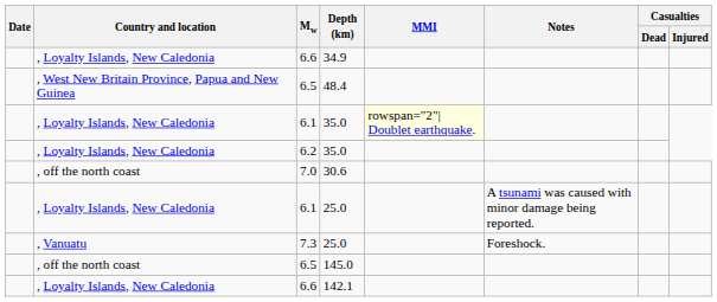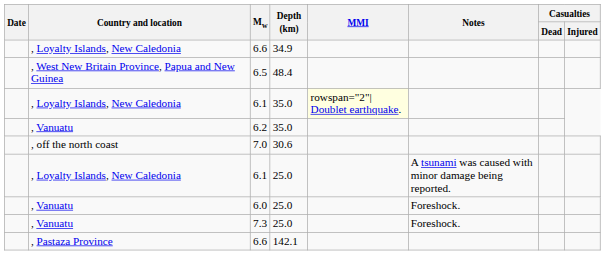 <table class="wikitable sortable sort-under" style="border:1px black; margin-left:1em;">
 <tr>
 <th rowspan="2"><small>Date</small></th>
 <th rowspan="2" style="width: 310px"><small>Country and location</small></th>
 <th rowspan="2"><small>M<sub>w</sub></small></th>
 <th rowspan="2"><small>Depth (km)</small></th>
 <th rowspan="2"><small><a href='#'>MMI</a></small></th>
 <th rowspan="2" class="unsortable"><small>Notes</small></th>
 <th colspan="2"><small>Casualties</small></th>
 </tr>
 <tr>
 <th><small>Dead</small></th>
 <th><small>Injured</small></th>
 </tr>
 <tr>
 <td></td>
 <td>, <a href='#'>Loyalty Islands</a>, <a href='#'>New Caledonia</a></td>
 <td>6.6</td>
 <td>34.9</td>
 <td></td>
 <td></td>
 <td></td>
 <td></td>
 </tr>
 <tr>
 <td></td>
 <td>, <a href='#'>West New Britain Province</a>, <a href='#'>Papua and New Guinea</a></td>
 <td>6.5</td>
 <td>48.4</td>
 <td></td>
 <td></td>
 <td></td>
 <td></td>
 </tr>
 <tr>
 <td></td>
 <td>, <a href='#'>Loyalty Islands</a>, <a href='#'>New Caledonia</a></td>
 <td>6.1</td>
 <td>35.0</td>
 <td style="background: lightyellow;">rowspan="2"| <a href='#'>Doublet earthquake</a>.</td>
 <td></td>
 <td></td>
 </tr>
 <tr>
 <td></td>
-<td>, <a href='#'>Loyalty Islands</a>, <a href='#'>New Caledonia</a></td>
+<td>, <a href='#'>Vanuatu</a></td>
 <td>6.2</td>
 <td>35.0</td>
 <td></td>
 <td></td>
 <td></td>
 </tr>
 <tr>
 <td></td>
 <td>, off the north coast</td>
 <td>7.0</td>
 <td>30.6</td>
 <td></td>
 <td></td>
 <td></td>
 <td></td>
 </tr>
 <tr>
 <td></td>
 <td>, <a href='#'>Loyalty Islands</a>, <a href='#'>New Caledonia</a></td>
 <td>6.1</td>
 <td>25.0</td>
 <td></td>
 <td>A <a href='#'>tsunami</a> was caused with minor damage being reported.</td>
 <td></td>
 <td></td>
 </tr>
 <tr>
 <td></td>
 <td>, <a href='#'>Vanuatu</a></td>
+<td>6.0</td>
+<td>25.0</td>
+<td></td>
+<td>Foreshock.</td>
+<td></td>
+<td></td>
+</tr>
+<tr>
+<td></td>
+<td>, <a href='#'>Vanuatu</a></td>
 <td>7.3</td>
 <td>25.0</td>
 <td></td>
 <td>Foreshock.</td>
 <td></td>
 <td></td>
 </tr>
 <tr>
 <td></td>
-<td>, off the north coast</td>
-<td>6.5</td>
-<td>145.0</td>
-<td></td>
-<td></td>
-<td></td>
-<td></td>
-</tr>
-<tr>
-<td></td>
-<td>, <a href='#'>Loyalty Islands</a>, <a href='#'>New Caledonia</a></td>
+<td>, <a href='#'>Pastaza Province</a></td>
 <td>6.6</td>
 <td>142.1</td>
 <td></td>
 <td></td>
 <td></td>
 <td></td>
 </tr>
 </table>
